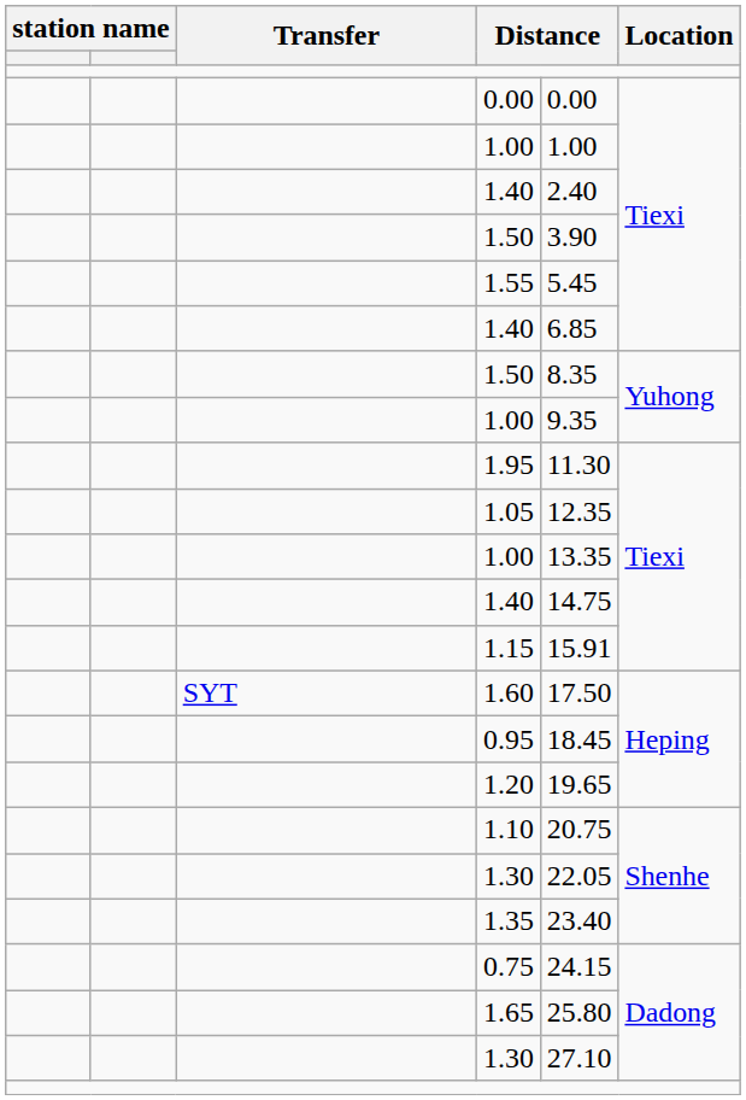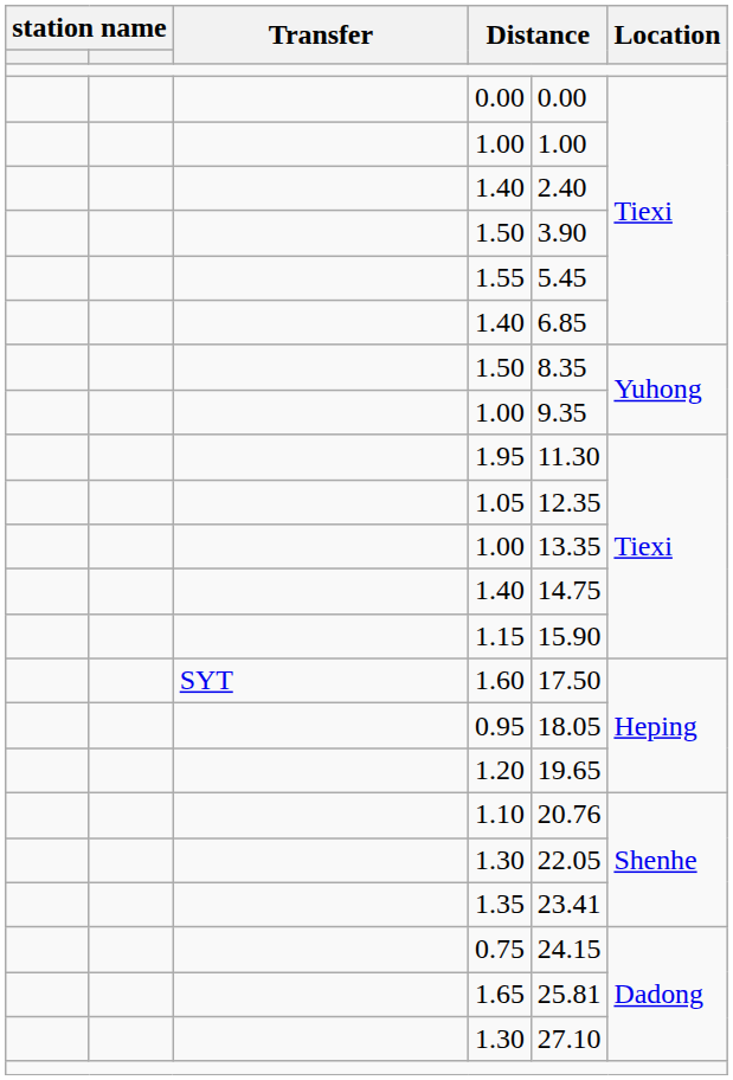 <table class="wikitable">
 <tr>
 <th colspan=2>station name</th>
 <th rowspan=2 width = "160pt">Transfer</th>
 <th colspan="2" rowspan="2">Distance<br></th>
 <th rowspan=2>Location</th>
 </tr>
 <tr>
 <th></th>
 <th></th>
 </tr>
 <tr style="background:#">
 <td colspan = "6"></td>
 </tr>
 <tr>
 <td></td>
 <td></td>
 <td></td>
 <td>0.00</td>
 <td>0.00</td>
 <td rowspan="6"><a href='#'>Tiexi</a></td>
 </tr>
 <tr>
 <td></td>
 <td></td>
 <td></td>
 <td>1.00</td>
 <td>1.00</td>
 </tr>
 <tr>
 <td></td>
 <td></td>
 <td></td>
 <td>1.40</td>
 <td>2.40</td>
 </tr>
 <tr>
 <td></td>
 <td></td>
 <td></td>
 <td>1.50</td>
 <td>3.90</td>
 </tr>
 <tr>
 <td></td>
 <td></td>
 <td></td>
 <td>1.55</td>
 <td>5.45</td>
 </tr>
 <tr>
 <td></td>
 <td></td>
 <td></td>
 <td>1.40</td>
 <td>6.85</td>
 </tr>
 <tr>
 <td></td>
 <td></td>
 <td></td>
 <td>1.50</td>
 <td>8.35</td>
 <td rowspan="2"><a href='#'>Yuhong</a></td>
 </tr>
 <tr>
 <td></td>
 <td></td>
 <td></td>
 <td>1.00</td>
 <td>9.35</td>
 </tr>
 <tr>
 <td></td>
 <td></td>
 <td></td>
 <td>1.95</td>
 <td>11.30</td>
 <td rowspan="5"><a href='#'>Tiexi</a></td>
 </tr>
 <tr>
 <td></td>
 <td></td>
 <td></td>
 <td>1.05</td>
 <td>12.35</td>
 </tr>
 <tr>
 <td></td>
 <td></td>
 <td></td>
 <td>1.00</td>
 <td>13.35</td>
 </tr>
 <tr>
 <td></td>
 <td></td>
 <td></td>
 <td>1.40</td>
 <td>14.75</td>
 </tr>
 <tr>
 <td></td>
 <td></td>
 <td></td>
 <td>1.15</td>
-<td>15.91</td>
+<td>15.90</td>
 </tr>
 <tr>
 <td></td>
 <td></td>
 <td> <a href='#'>SYT</a></td>
 <td>1.60</td>
 <td>17.50</td>
 <td rowspan="3"><a href='#'>Heping</a></td>
 </tr>
 <tr>
 <td></td>
 <td></td>
 <td></td>
 <td>0.95</td>
-<td>18.45</td>
+<td>18.05</td>
 </tr>
 <tr>
 <td></td>
 <td></td>
 <td></td>
 <td>1.20</td>
 <td>19.65</td>
 </tr>
 <tr>
 <td></td>
 <td></td>
 <td></td>
 <td>1.10</td>
-<td>20.75</td>
+<td>20.76</td>
 <td rowspan="3"><a href='#'>Shenhe</a></td>
 </tr>
 <tr>
 <td></td>
 <td></td>
 <td></td>
 <td>1.30</td>
 <td>22.05</td>
 </tr>
 <tr>
 <td></td>
 <td></td>
 <td></td>
 <td>1.35</td>
-<td>23.40</td>
+<td>23.41</td>
 </tr>
 <tr>
 <td></td>
 <td></td>
 <td></td>
 <td>0.75</td>
 <td>24.15</td>
 <td rowspan="3"><a href='#'>Dadong</a></td>
 </tr>
 <tr>
 <td></td>
 <td></td>
 <td></td>
 <td>1.65</td>
-<td>25.80</td>
+<td>25.81</td>
 </tr>
 <tr>
 <td></td>
 <td></td>
 <td></td>
 <td>1.30</td>
 <td>27.10</td>
 </tr>
 <tr style="background:#">
 <td colspan = "6"></td>
 </tr>
 </table>
